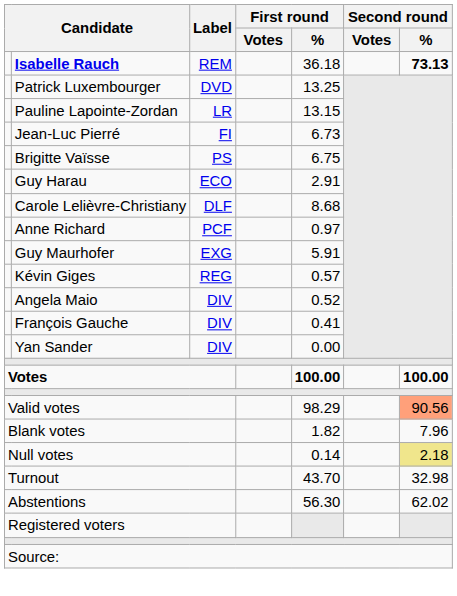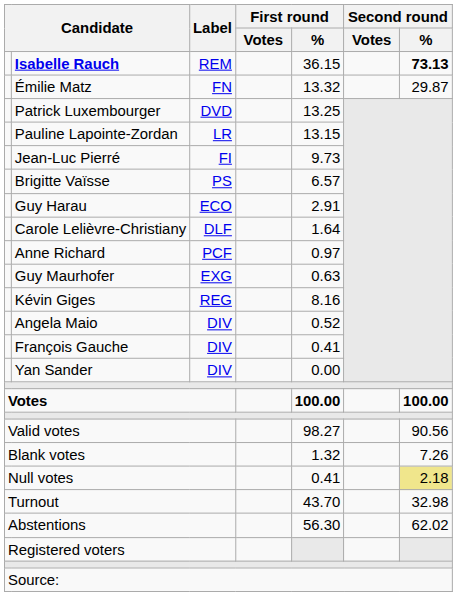 <table class="wikitable" style="text-align:right;font-size:95%;">
 <tr>
 <th rowspan="2" colspan="2">Candidate</th>
 <th rowspan="2">Label</th>
 <th colspan="2">First round</th>
 <th colspan="2">Second round</th>
 </tr>
 <tr>
 <th style="width:50px;">Votes</th>
 <th style="width:45px;">%</th>
 <th style="width:50px;">Votes</th>
 <th style="width:45px;">%</th>
 </tr>
 <tr>
 <td style="color:inherit;background:"></td>
 <td style="text-align:left;"><strong><a href='#'>Isabelle Rauch</a></strong></td>
 <td><a href='#'>REM</a></td>
 <td></td>
-<td>36.18</td>
+<td>36.15</td>
 <td><strong></strong></td>
 <td><strong>73.13</strong></td>
+</tr>
+<tr>
+<td style="color:inherit;background:"></td>
+<td style="text-align:left;">Émilie Matz</td>
+<td><a href='#'>FN</a></td>
+<td></td>
+<td>13.32</td>
+<td></td>
+<td>29.87</td>
 </tr>
 <tr>
 <td style="color:inherit;background:"></td>
 <td style="text-align:left;">Patrick Luxembourger</td>
 <td><a href='#'>DVD</a></td>
 <td></td>
 <td>13.25</td>
 <td colspan="2" rowspan="12" style="background:#E9E9E9;"></td>
 </tr>
 <tr>
 <td style="color:inherit;background:"></td>
 <td style="text-align:left;">Pauline Lapointe-Zordan</td>
 <td><a href='#'>LR</a></td>
 <td></td>
 <td>13.15</td>
 </tr>
 <tr>
 <td style="color:inherit;background:"></td>
 <td style="text-align:left;">Jean-Luc Pierré</td>
 <td><a href='#'>FI</a></td>
 <td></td>
-<td>6.73</td>
+<td>9.73</td>
 </tr>
 <tr>
 <td style="color:inherit;background:"></td>
 <td style="text-align:left;">Brigitte Vaïsse</td>
 <td><a href='#'>PS</a></td>
 <td></td>
-<td>6.75</td>
+<td>6.57</td>
 </tr>
 <tr>
 <td style="color:inherit;background:"></td>
 <td style="text-align:left;">Guy Harau</td>
 <td><a href='#'>ECO</a></td>
 <td></td>
 <td>2.91</td>
 </tr>
 <tr>
 <td style="color:inherit;background:"></td>
 <td style="text-align:left;">Carole Lelièvre-Christiany</td>
 <td><a href='#'>DLF</a></td>
 <td></td>
-<td>8.68</td>
+<td>1.64</td>
 </tr>
 <tr>
 <td style="color:inherit;background:"></td>
 <td style="text-align:left;">Anne Richard</td>
 <td><a href='#'>PCF</a></td>
 <td></td>
 <td>0.97</td>
 </tr>
 <tr>
 <td style="color:inherit;background:"></td>
 <td style="text-align:left;">Guy Maurhofer</td>
 <td><a href='#'>EXG</a></td>
 <td></td>
-<td>5.91</td>
+<td>0.63</td>
 </tr>
 <tr>
 <td style="color:inherit;background:"></td>
 <td style="text-align:left;">Kévin Giges</td>
 <td><a href='#'>REG</a></td>
 <td></td>
-<td>0.57</td>
+<td>8.16</td>
 </tr>
 <tr>
 <td style="color:inherit;background:"></td>
 <td style="text-align:left;">Angela Maio</td>
 <td><a href='#'>DIV</a></td>
 <td></td>
 <td>0.52</td>
 </tr>
 <tr>
 <td style="color:inherit;background:"></td>
 <td style="text-align:left;">François Gauche</td>
 <td><a href='#'>DIV</a></td>
 <td></td>
 <td>0.41</td>
 </tr>
 <tr>
 <td style="color:inherit;background:"></td>
 <td style="text-align:left;">Yan Sander</td>
 <td><a href='#'>DIV</a></td>
 <td></td>
 <td>0.00</td>
 </tr>
 <tr>
 <td colspan="7" style="background:#E9E9E9;"></td>
 </tr>
 <tr style="font-weight:bold;">
 <td colspan="3" style="text-align:left;">Votes</td>
 <td></td>
 <td>100.00</td>
 <td></td>
 <td>100.00</td>
 </tr>
 <tr>
 <td colspan="7" style="background:#E9E9E9;"></td>
 </tr>
 <tr>
 <td colspan="3" style="text-align:left;">Valid votes</td>
 <td></td>
-<td>98.29</td>
+<td>98.27</td>
 <td></td>
-<td style="background: lightsalmon;">90.56</td>
+<td>90.56</td>
 </tr>
 <tr>
 <td colspan="3" style="text-align:left;">Blank votes</td>
 <td></td>
-<td>1.82</td>
+<td>1.32</td>
 <td></td>
-<td>7.96</td>
+<td>7.26</td>
 </tr>
 <tr>
 <td colspan="3" style="text-align:left;">Null votes</td>
 <td></td>
-<td>0.14</td>
+<td>0.41</td>
 <td></td>
 <td style="background: khaki;">2.18</td>
 </tr>
 <tr>
 <td colspan="3" style="text-align:left;">Turnout</td>
 <td></td>
 <td>43.70</td>
 <td></td>
 <td>32.98</td>
 </tr>
 <tr>
 <td colspan="3" style="text-align:left;">Abstentions</td>
 <td></td>
 <td>56.30</td>
 <td></td>
 <td>62.02</td>
 </tr>
 <tr>
 <td colspan="3" style="text-align:left;">Registered voters</td>
 <td></td>
 <td style="background:#E9E9E9;"></td>
 <td></td>
 <td style="background:#E9E9E9;"></td>
 </tr>
 <tr>
 <td colspan="7" style="background:#E9E9E9;"></td>
 </tr>
 <tr>
 <td colspan="7" style="text-align:left;">Source: </td>
 </tr>
 </table>
